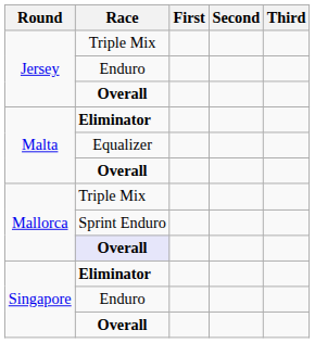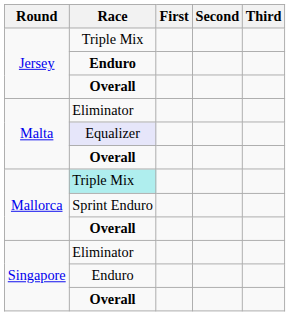 <table class="wikitable" style="text-align:center; font-size:95%">
 <tr>
 <th>Round</th>
 <th>Race</th>
 <th>First</th>
 <th>Second</th>
 <th>Third</th>
 </tr>
 <tr>
 <td rowspan="3" align="centre"><a href='#'>Jersey</a></td>
 <td align="centre">Triple Mix</td>
 <td></td>
 <td></td>
 <td></td>
 </tr>
 <tr>
-<td align="centre">Enduro</td>
+<td align="centre"><strong>Enduro</strong></td>
 <td></td>
 <td></td>
 <td></td>
 </tr>
 <tr>
 <td><strong>Overall</strong></td>
 <td></td>
 <td></td>
 <td></td>
 </tr>
 <tr>
 <td rowspan="3" align="centre"><a href='#'>Malta</a></td>
-<td align="left"><strong>Eliminator</strong></td>
+<td align="left">Eliminator</td>
 <td></td>
 <td></td>
 <td></td>
 </tr>
 <tr>
-<td align="centre">Equalizer</td>
+<td align="centre" style="background: lavender;">Equalizer</td>
 <td></td>
 <td></td>
 <td></td>
 </tr>
 <tr>
 <td><strong>Overall</strong></td>
 <td></td>
 <td></td>
 <td></td>
 </tr>
 <tr>
 <td rowspan="3" align="centre"><a href='#'>Mallorca</a></td>
-<td align="left">Triple Mix</td>
+<td align="left" style="background: paleturquoise;">Triple Mix</td>
 <td></td>
 <td></td>
 <td></td>
 </tr>
 <tr>
 <td align="centre">Sprint Enduro</td>
 <td></td>
 <td></td>
 <td></td>
 </tr>
 <tr>
-<td style="background: lavender;"><strong>Overall</strong></td>
+<td><strong>Overall</strong></td>
 <td></td>
 <td></td>
 <td></td>
 </tr>
 <tr>
 <td rowspan="3" align="centre"><a href='#'>Singapore</a></td>
-<td align="left"><strong>Eliminator</strong></td>
+<td align="left">Eliminator</td>
 <td></td>
 <td></td>
 <td></td>
 </tr>
 <tr>
 <td align="centre">Enduro</td>
 <td></td>
 <td></td>
 <td></td>
 </tr>
 <tr>
 <td><strong>Overall</strong></td>
 <td></td>
 <td></td>
 <td></td>
 </tr>
 </table>
